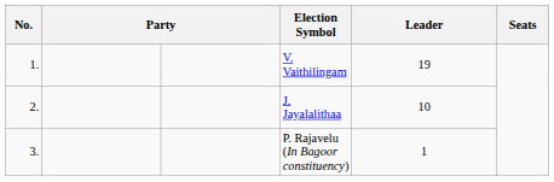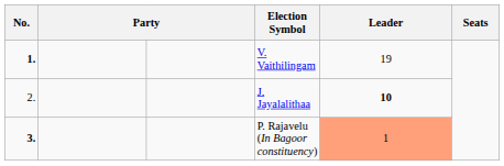 <table class="wikitable">
 <tr style="height: 50px;">
 <th scope="col" style="width:40px;">No.<br></th>
 <th scope="col" style="width:300px;" colspan="2">Party</th>
 <th scope="col" style="width:80px;">Election Symbol</th>
 <th scope="col" style="width:180px;">Leader</th>
 <th scope="col" style="width:60px;">Seats</th>
 </tr>
 <tr style="height: 55px;">
-<td style="text-align:right;">1.</td>
+<td style="text-align:right;"><strong>1.</strong></td>
 <td></td>
 <td style="text-align:center;"><br></td>
 <td><a href='#'>V. Vaithilingam</a></td>
 <td style="text-align:center;">19</td>
 </tr>
 <tr style="height: 55px;">
 <td style="text-align:right;">2.</td>
 <td></td>
 <td style="text-align:center;"></td>
 <td><a href='#'>J. Jayalalithaa</a></td>
-<td style="text-align:center;">10</td>
+<td style="text-align:center;"><strong>10</strong></td>
 </tr>
 <tr style="height: 55px;">
-<td style="text-align:right;">3.</td>
+<td style="text-align:right;"><strong>3.</strong></td>
 <td></td>
 <td style="text-align:center;"></td>
 <td>P. Rajavelu (<em>In Bagoor constituency</em>)</td>
-<td style="text-align:center;">1</td>
+<td style="background: lightsalmon; text-align:center;">1</td>
 </tr>
 </table>
